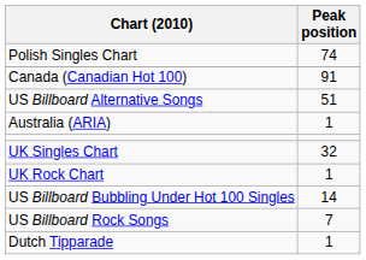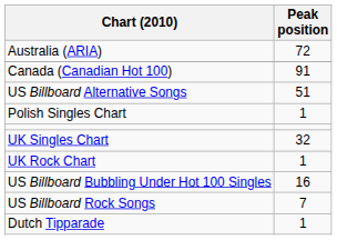 <table class="wikitable sortable">
 <tr>
 <th>Chart (2010)</th>
 <th>Peak<br>position</th>
 </tr>
 <tr>
-<td>Polish Singles Chart</td>
-<td style="text-align:center;">74</td>
+<td>Australia (<a href='#'>ARIA</a>)</td>
+<td style="text-align:center;">72</td>
 </tr>
 <tr>
 </tr>
 <tr>
 </tr>
 <tr>
 <td>Canada (<a href='#'>Canadian Hot 100</a>)</td>
 <td style="text-align:center;">91</td>
 </tr>
 <tr>
 <td>US <em>Billboard</em> <a href='#'>Alternative Songs</a></td>
 <td style="text-align:center;">51</td>
 </tr>
 <tr>
-<td>Australia (<a href='#'>ARIA</a>)</td>
+<td>Polish Singles Chart</td>
 <td style="text-align:center;">1</td>
 </tr>
 <tr>
 <td></td>
 </tr>
 <tr>
 <td><a href='#'>UK Singles Chart</a></td>
 <td style="text-align:center;">32</td>
 </tr>
 <tr>
 <td><a href='#'>UK Rock Chart</a></td>
 <td style="text-align:center;">1</td>
 </tr>
 <tr>
 <td>US <em>Billboard</em> <a href='#'>Bubbling Under Hot 100 Singles</a></td>
-<td style="text-align:center;">14</td>
+<td style="text-align:center;">16</td>
 </tr>
 <tr>
 <td>US <em>Billboard</em> <a href='#'>Rock Songs</a></td>
 <td style="text-align:center;">7</td>
 </tr>
 <tr>
 <td>Dutch <a href='#'>Tipparade</a></td>
 <td style="text-align:center;">1</td>
 </tr>
 </table>
